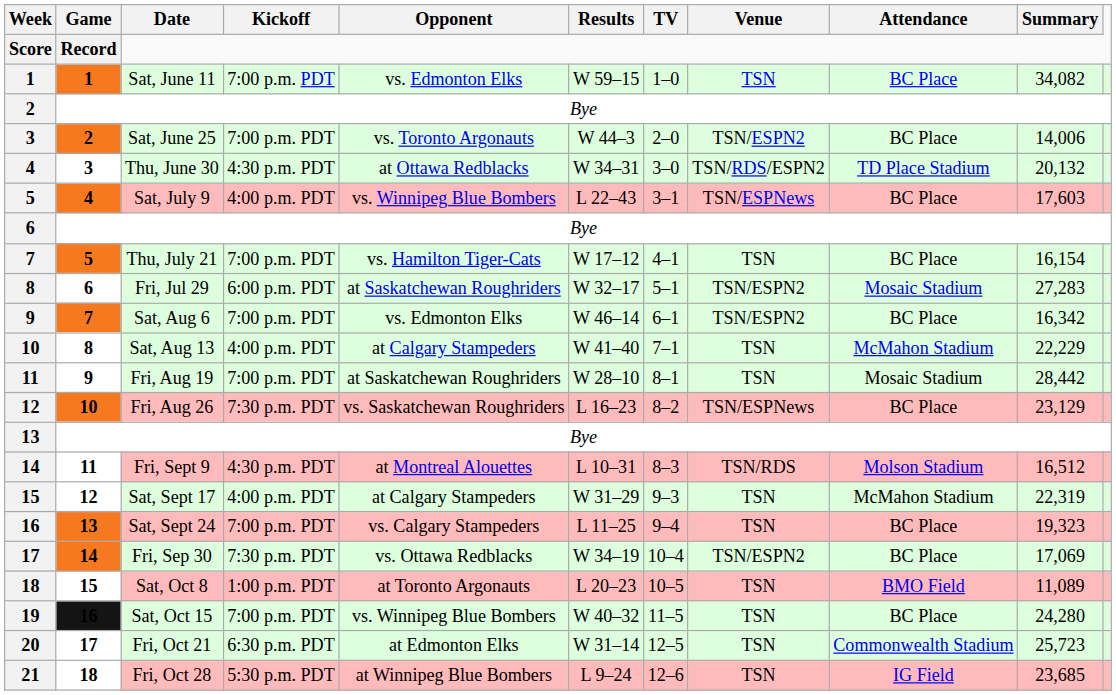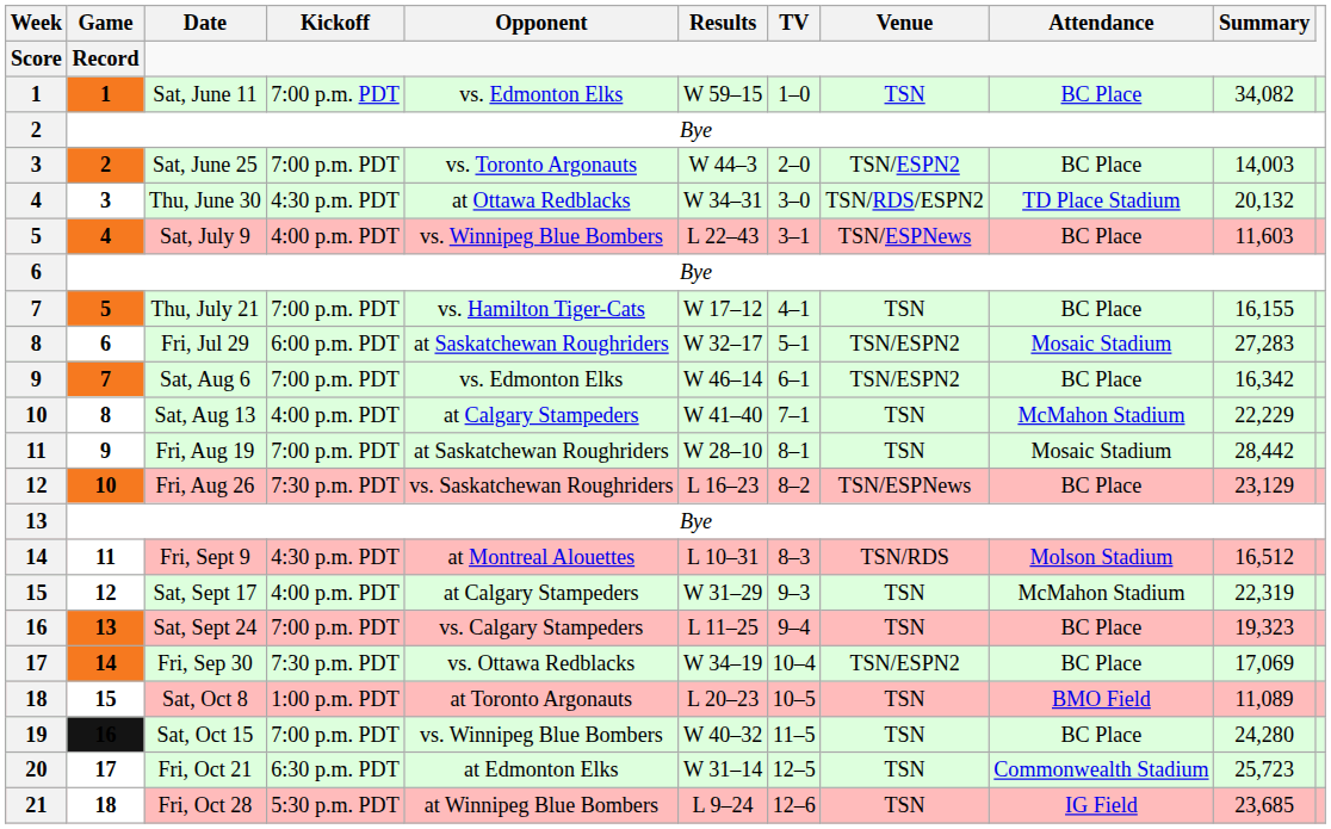 <table class="wikitable" style="font-size: 95%;">
 <tr>
 <th scope="col">Week</th>
 <th scope="col">Game</th>
 <th scope="col">Date</th>
 <th scope="col">Kickoff</th>
 <th scope="col">Opponent</th>
 <th scope="col">Results</th>
 <th scope="col">TV</th>
 <th scope="col">Venue</th>
 <th scope="col">Attendance</th>
 <th scope="col">Summary</th>
 </tr>
 <tr>
 <th scope="col">Score</th>
 <th scope="col">Record</th>
 </tr>
 <tr align="center" bgcolor="ddffdd">
 <th align="center"><strong>1</strong></th>
 <th style="text-align:center; background:#F6791F;"><span><strong>1</strong></span></th>
 <td align="center">Sat, June 11</td>
 <td align="center">7:00 p.m. <a href='#'>PDT</a></td>
 <td align="center">vs. <a href='#'>Edmonton Elks</a></td>
 <td align="center">W 59–15</td>
 <td align="center">1–0</td>
 <td align="center"><a href='#'>TSN</a></td>
 <td align="center"><a href='#'>BC Place</a></td>
 <td align="center">34,082</td>
 <td align="center"></td>
 </tr>
 <tr align="center" bgcolor="ffffff">
 <th align="center"><strong>2</strong></th>
 <td colspan=10 align="center" valign="middle"><em>Bye</em></td>
 </tr>
 <tr align="center" bgcolor="ddffdd">
 <th align="center"><strong>3</strong></th>
 <th style="text-align:center; background:#F6791F;"><span><strong>2</strong></span></th>
 <td align="center">Sat, June 25</td>
 <td align="center">7:00 p.m. PDT</td>
 <td align="center">vs. <a href='#'>Toronto Argonauts</a></td>
 <td align="center">W 44–3</td>
 <td align="center">2–0</td>
 <td align="center">TSN/<a href='#'>ESPN2</a></td>
 <td align="center">BC Place</td>
-<td align="center">14,006</td>
+<td align="center">14,003</td>
 <td align="center"></td>
 </tr>
 <tr align="center" bgcolor="ddffdd">
 <th align="center"><strong>4</strong></th>
 <th style="text-align:center; background:white;"><span><strong>3</strong></span></th>
 <td align="center">Thu, June 30</td>
 <td align="center">4:30 p.m. PDT</td>
 <td align="center">at <a href='#'>Ottawa Redblacks</a></td>
 <td align="center">W 34–31</td>
 <td align="center">3–0</td>
 <td align="center">TSN/<a href='#'>RDS</a>/ESPN2</td>
 <td align="center"><a href='#'>TD Place Stadium</a></td>
 <td align="center">20,132</td>
 <td align="center"></td>
 </tr>
 <tr align="center" bgcolor="ffbbbb">
 <th align="center"><strong>5</strong></th>
 <th style="text-align:center; background:#F6791F;"><span><strong>4</strong></span></th>
 <td align="center">Sat, July 9</td>
 <td align="center">4:00 p.m. PDT</td>
 <td align="center">vs. <a href='#'>Winnipeg Blue Bombers</a></td>
 <td align="center">L 22–43</td>
 <td align="center">3–1</td>
 <td align="center">TSN/<a href='#'>ESPNews</a></td>
 <td align="center">BC Place</td>
-<td align="center">17,603</td>
+<td align="center">11,603</td>
 <td align="center"></td>
 </tr>
 <tr align="center" bgcolor="ffffff">
 <th align="center"><strong>6</strong></th>
 <td colspan=10 align="center" valign="middle"><em>Bye</em></td>
 </tr>
 <tr align="center" bgcolor="ddffdd">
 <th align="center"><strong>7</strong></th>
 <th style="text-align:center; background:#F6791F;"><span><strong>5</strong></span></th>
 <td align="center">Thu, July 21</td>
 <td align="center">7:00 p.m. PDT</td>
 <td align="center">vs. <a href='#'>Hamilton Tiger-Cats</a></td>
 <td align="center">W 17–12</td>
 <td align="center">4–1</td>
 <td align="center">TSN</td>
 <td align="center">BC Place</td>
-<td align="center">16,154</td>
+<td align="center">16,155</td>
 <td align="center"></td>
 </tr>
 <tr align="center" bgcolor="ddffdd">
 <th align="center"><strong>8</strong></th>
 <th style="text-align:center; background:white;"><span><strong>6</strong></span></th>
 <td align="center">Fri, Jul 29</td>
 <td align="center">6:00 p.m. PDT</td>
 <td align="center">at <a href='#'>Saskatchewan Roughriders</a></td>
 <td align="center">W 32–17</td>
 <td align="center">5–1</td>
 <td align="center">TSN/ESPN2</td>
 <td align="center"><a href='#'>Mosaic Stadium</a></td>
 <td align="center">27,283</td>
 <td align="center"></td>
 </tr>
 <tr align="center" bgcolor="ddffdd">
 <th align="center"><strong>9</strong></th>
 <th style="text-align:center; background:#F6791F;"><span><strong>7</strong></span></th>
 <td align="center">Sat, Aug 6</td>
 <td align="center">7:00 p.m. PDT</td>
 <td align="center">vs. Edmonton Elks</td>
 <td align="center">W 46–14</td>
 <td align="center">6–1</td>
 <td align="center">TSN/ESPN2</td>
 <td align="center">BC Place</td>
 <td align="center">16,342</td>
 <td align="center"></td>
 </tr>
 <tr align="center" bgcolor="ddffdd">
 <th align="center"><strong>10</strong></th>
 <th style="text-align:center; background:white;"><span><strong>8</strong></span></th>
 <td align="center">Sat, Aug 13</td>
 <td align="center">4:00 p.m. PDT</td>
 <td align="center">at <a href='#'>Calgary Stampeders</a></td>
 <td align="center">W 41–40</td>
 <td align="center">7–1</td>
 <td align="center">TSN</td>
 <td align="center"><a href='#'>McMahon Stadium</a></td>
 <td align="center">22,229</td>
 <td align="center"></td>
 </tr>
 <tr align="center" bgcolor="ddffdd">
 <th align="center"><strong>11</strong></th>
 <th style="text-align:center; background:white;"><span><strong>9</strong></span></th>
 <td align="center">Fri, Aug 19</td>
 <td align="center">7:00 p.m. PDT</td>
 <td align="center">at Saskatchewan Roughriders</td>
 <td align="center">W 28–10</td>
 <td align="center">8–1</td>
 <td align="center">TSN</td>
 <td align="center">Mosaic Stadium</td>
 <td align="center">28,442</td>
 <td align="center"></td>
 </tr>
 <tr align="center" bgcolor="ffbbbb">
 <th align="center"><strong>12</strong></th>
 <th style="text-align:center; background:#F6791F;"><span><strong>10</strong></span></th>
 <td align="center">Fri, Aug 26</td>
 <td align="center">7:30 p.m. PDT</td>
 <td align="center">vs. Saskatchewan Roughriders</td>
 <td align="center">L 16–23</td>
 <td align="center">8–2</td>
 <td align="center">TSN/ESPNews</td>
 <td align="center">BC Place</td>
 <td align="center">23,129</td>
 <td align="center"></td>
 </tr>
 <tr align="center" bgcolor="ffffff">
 <th align="center"><strong>13</strong></th>
 <td colspan=10 align="center" valign="middle"><em>Bye</em></td>
 </tr>
 <tr align="center" bgcolor="ffbbbb">
 <th align="center"><strong>14</strong></th>
 <th style="text-align:center; background:white;"><span><strong>11</strong></span></th>
 <td align="center">Fri, Sept 9</td>
 <td align="center">4:30 p.m. PDT</td>
 <td align="center">at <a href='#'>Montreal Alouettes</a></td>
 <td align="center">L 10–31</td>
 <td align="center">8–3</td>
 <td align="center">TSN/RDS</td>
 <td align="center"><a href='#'>Molson Stadium</a></td>
 <td align="center">16,512</td>
 <td align="center"></td>
 </tr>
 <tr align="center" bgcolor="ddffdd">
 <th align="center"><strong>15</strong></th>
 <th style="text-align:center; background:white;"><span><strong>12</strong></span></th>
 <td align="center">Sat, Sept 17</td>
 <td align="center">4:00 p.m. PDT</td>
 <td align="center">at Calgary Stampeders</td>
 <td align="center">W 31–29 </td>
 <td align="center">9–3</td>
 <td align="center">TSN</td>
 <td align="center">McMahon Stadium</td>
 <td align="center">22,319</td>
 <td align="center"></td>
 </tr>
 <tr align="center" bgcolor="ffbbbb">
 <th align="center"><strong>16</strong></th>
 <th style="text-align:center; background:#F6791F;"><span><strong>13</strong></span></th>
 <td align="center">Sat, Sept 24</td>
 <td align="center">7:00 p.m. PDT</td>
 <td align="center">vs. Calgary Stampeders</td>
 <td align="center">L 11–25</td>
 <td align="center">9–4</td>
 <td align="center">TSN</td>
 <td align="center">BC Place</td>
 <td align="center">19,323</td>
 <td align="center"></td>
 </tr>
 <tr align="center" bgcolor="ddffdd">
 <th align="center"><strong>17</strong></th>
 <th style="text-align:center; background:#F6791F;"><span><strong>14</strong></span></th>
 <td align="center">Fri, Sep 30</td>
 <td align="center">7:30 p.m. PDT</td>
 <td align="center">vs. Ottawa Redblacks</td>
 <td align="center">W 34–19</td>
 <td align="center">10–4</td>
 <td align="center">TSN/ESPN2</td>
 <td align="center">BC Place</td>
 <td align="center">17,069</td>
 <td align="center"></td>
 </tr>
 <tr align="center" bgcolor="ffbbbb">
 <th align="center"><strong>18</strong></th>
 <th style="text-align:center; background:white;"><span><strong>15</strong></span></th>
 <td align="center">Sat, Oct 8</td>
 <td align="center">1:00 p.m. PDT</td>
 <td align="center">at Toronto Argonauts</td>
 <td align="center">L 20–23</td>
 <td align="center">10–5</td>
 <td align="center">TSN</td>
 <td align="center"><a href='#'>BMO Field</a></td>
 <td align="center">11,089</td>
 <td align="center"></td>
 </tr>
 <tr align="center" bgcolor="ddffdd">
 <th align="center"><strong>19</strong></th>
 <td style="text-align:center; background:#141414;"><span><strong>16</strong></span></td>
 <td align="center">Sat, Oct 15</td>
 <td align="center">7:00 p.m. PDT</td>
 <td align="center">vs. Winnipeg Blue Bombers</td>
 <td align="center">W 40–32</td>
 <td align="center">11–5</td>
 <td align="center">TSN</td>
 <td align="center">BC Place</td>
 <td align="center">24,280</td>
 <td align="center"></td>
 </tr>
 <tr align="center" bgcolor="ddffdd">
 <th align="center"><strong>20</strong></th>
 <th style="text-align:center; background:white;"><span><strong>17</strong></span></th>
 <td align="center">Fri, Oct 21</td>
 <td align="center">6:30 p.m. PDT</td>
 <td align="center">at Edmonton Elks</td>
 <td align="center">W 31–14</td>
 <td align="center">12–5</td>
 <td align="center">TSN</td>
 <td align="center"><a href='#'>Commonwealth Stadium</a></td>
 <td align="center">25,723</td>
 <td align="center"></td>
 </tr>
 <tr align="center" bgcolor="ffbbbb">
 <th align="center"><strong>21</strong></th>
 <th style="text-align:center; background:white;"><span><strong>18</strong></span></th>
 <td align="center">Fri, Oct 28</td>
 <td align="center">5:30 p.m. PDT</td>
 <td align="center">at Winnipeg Blue Bombers</td>
 <td align="center">L 9–24</td>
 <td align="center">12–6</td>
 <td align="center">TSN</td>
 <td align="center"><a href='#'>IG Field</a></td>
 <td align="center">23,685</td>
 <td align="center"></td>
 </tr>
 </table>
